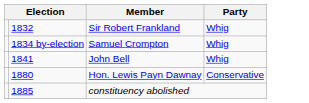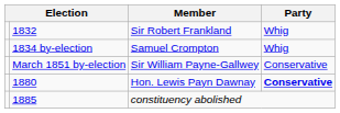 <table class="wikitable">
 <tr>
 <th colspan="2">Election</th>
 <th>Member</th>
 <th>Party</th>
 </tr>
 <tr>
 <td style="color:inherit;background-color: "></td>
 <td><a href='#'>1832</a></td>
 <td><a href='#'>Sir Robert Frankland</a></td>
 <td><a href='#'>Whig</a></td>
 </tr>
 <tr>
 <td style="color:inherit;background-color: "></td>
 <td><a href='#'>1834 by-election</a></td>
 <td><a href='#'>Samuel Crompton</a></td>
 <td><a href='#'>Whig</a></td>
 </tr>
 <tr>
 <td style="color:inherit;background-color: "></td>
-<td><a href='#'>1841</a></td>
-<td><a href='#'>John Bell</a></td>
-<td><a href='#'>Whig</a></td>
+<td><a href='#'>March 1851 by-election</a></td>
+<td><a href='#'>Sir William Payne-Gallwey</a></td>
+<td><a href='#'>Conservative</a></td>
 </tr>
 <tr>
 <td style="color:inherit;background-color: "></td>
 <td><a href='#'>1880</a></td>
 <td><a href='#'>Hon. Lewis Payn Dawnay</a></td>
-<td><a href='#'>Conservative</a></td>
+<td><strong><a href='#'>Conservative</a></strong></td>
 </tr>
 <tr>
 <td></td>
 <td><a href='#'>1885</a></td>
 <td colspan="2"><em>constituency abolished</em></td>
 </tr>
 </table>
